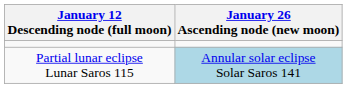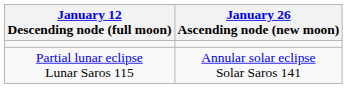 <table class="wikitable">
 <tr>
 <th><a href='#'>January 12</a><br>Descending node (full moon)<br></th>
 <th><a href='#'>January 26</a><br>Ascending node (new moon)<br></th>
 </tr>
 <tr>
 <td></td>
 <td></td>
 </tr>
 <tr align=center>
 <td><a href='#'>Partial lunar eclipse</a><br>Lunar Saros 115</td>
-<td style="background: lightblue;"><a href='#'>Annular solar eclipse</a><br>Solar Saros 141</td>
+<td><a href='#'>Annular solar eclipse</a><br>Solar Saros 141</td>
 </tr>
 </table>
